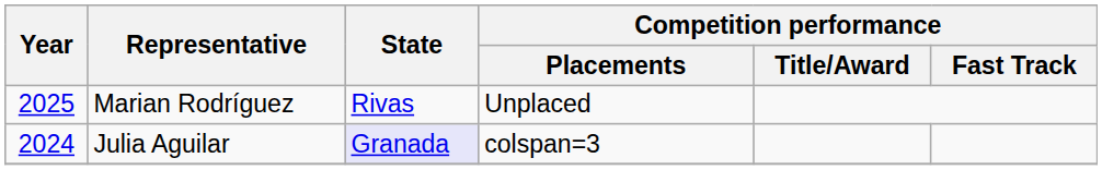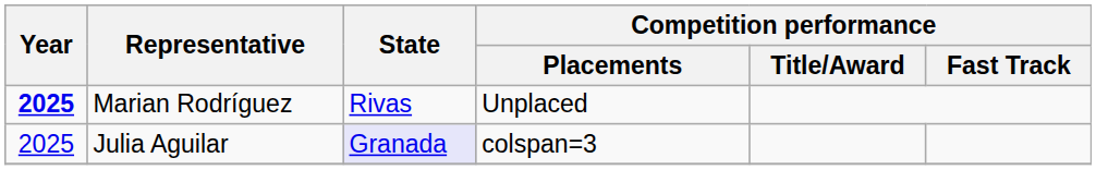 <table class="wikitable defaultcenter" style="font-size:90%; width:100%;">
 <tr>
 <th rowspan=2>Year</th>
 <th rowspan=2>Representative</th>
 <th rowspan=2>State</th>
 <th colspan=3>Competition performance</th>
 </tr>
 <tr>
 <th width=150px>Placements</th>
 <th>Title/Award</th>
 <th>Fast Track</th>
 </tr>
 <tr>
-<td align="center"><a href='#'>2025</a></td>
+<td align="center"><strong><a href='#'>2025</a></strong></td>
 <td>Marian Rodríguez</td>
 <td><a href='#'>Rivas</a></td>
 <td>Unplaced</td>
 </tr>
 <tr>
-<td align="center"><a href='#'>2024</a></td>
+<td align="center"><a href='#'>2025</a></td>
 <td>Julia Aguilar</td>
 <td style="background: lavender;"><a href='#'>Granada</a></td>
 <td>colspan=3 </td>
 <td></td>
 <td></td>
 </tr>
 <tr>
 </tr>
 </table>
